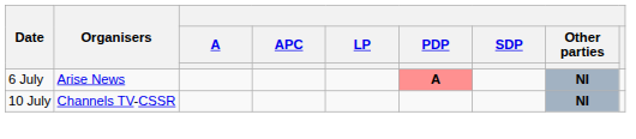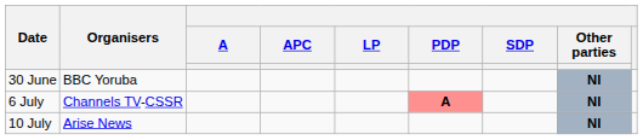 <table class="wikitable" style="text-align:center;">
 <tr>
 <th rowspan="3">Date</th>
 <th rowspan="3">Organisers</th>
 <th colspan="7">    <br>   </th>
 </tr>
 <tr>
 <th scope="col" style="width:5em;"><a href='#'>A</a></th>
 <th scope="col" style="width:5em;"><a href='#'>APC</a></th>
 <th scope="col" style="width:5em;"><a href='#'>LP</a></th>
 <th scope="col" style="width:5em;"><a href='#'>PDP</a></th>
 <th scope="col" style="width:5em;"><a href='#'>SDP</a></th>
 <th scope="col" style="width:5em;">Other parties</th>
 <th rowspan="2"></th>
 </tr>
 <tr>
 <th style="background:"></th>
 <th style="background:"></th>
 <th style="background:"></th>
 <th style="background:"></th>
 <th style="background:"></th>
 <th style="background:"></th>
 </tr>
 <tr>
+<td style="white-space:nowrap; text-align:left;">30 June</td>
+<td style="white-space:nowrap; text-align:left;">BBC Yoruba</td>
+<td></td>
+<td></td>
+<td></td>
+<td></td>
+<td></td>
+<td style="background:#A2B2C2;"><strong>NI</strong><br></td>
+<td></td>
+</tr>
+<tr>
 <td style="white-space:nowrap; text-align:left;">6 July</td>
-<td style="white-space:nowrap; text-align:left;"><a href='#'>Arise News</a></td>
+<td style="white-space:nowrap; text-align:left;"><a href='#'>Channels TV</a>-<a href='#'>CSSR</a></td>
 <td></td>
 <td></td>
 <td></td>
 <td style="background:#FF9090;"><strong>A</strong><br></td>
 <td></td>
 <td style="background:#A2B2C2;"><strong>NI</strong><br></td>
 <td></td>
 </tr>
 <tr>
 <td style="white-space:nowrap; text-align:left;">10 July</td>
-<td style="white-space:nowrap; text-align:left;"><a href='#'>Channels TV</a>-<a href='#'>CSSR</a></td>
+<td style="white-space:nowrap; text-align:left;"><a href='#'>Arise News</a></td>
 <td></td>
 <td></td>
 <td></td>
 <td></td>
 <td></td>
 <td style="background:#A2B2C2;"><strong>NI</strong><br></td>
 <td></td>
 </tr>
 </table>
